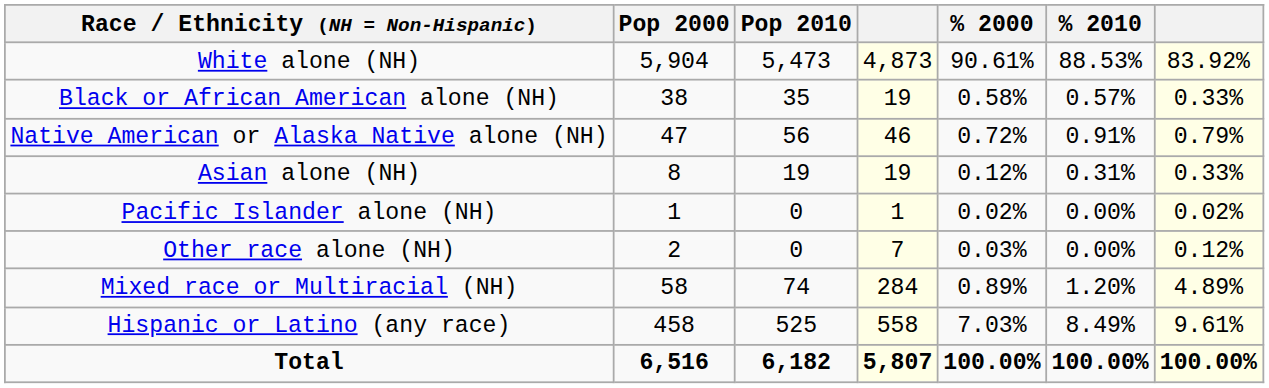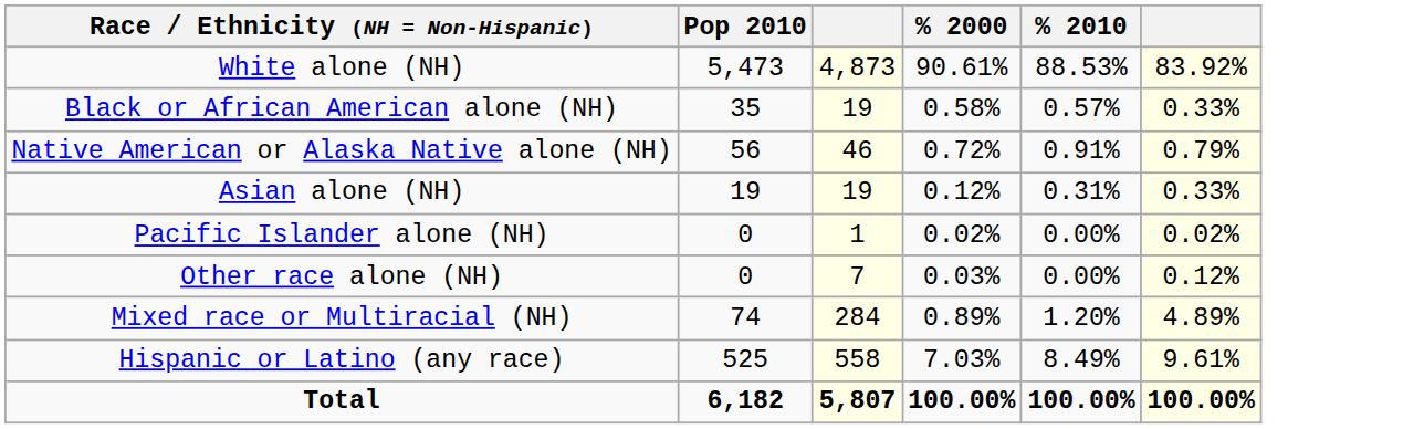 <table class="wikitable" style="text-align:center;">
 <tr>
 <th>Race / Ethnicity <small>(<em>NH = Non-Hispanic</em>)</small></th>
-<th>Pop 2000</th>
 <th>Pop 2010</th>
 <th></th>
 <th>% 2000</th>
 <th>% 2010</th>
 <th></th>
 </tr>
 <tr>
 <td><a href='#'>White</a> alone (NH)</td>
-<td>5,904</td>
 <td>5,473</td>
 <td style='background: #ffffe6;'>4,873</td>
 <td>90.61%</td>
 <td>88.53%</td>
 <td style='background: #ffffe6;'>83.92%</td>
 </tr>
 <tr>
 <td><a href='#'>Black or African American</a> alone (NH)</td>
-<td>38</td>
 <td>35</td>
 <td style='background: #ffffe6;'>19</td>
 <td>0.58%</td>
 <td>0.57%</td>
 <td style='background: #ffffe6;'>0.33%</td>
 </tr>
 <tr>
 <td><a href='#'>Native American</a> or <a href='#'>Alaska Native</a> alone (NH)</td>
-<td>47</td>
 <td>56</td>
 <td style='background: #ffffe6;'>46</td>
 <td>0.72%</td>
 <td>0.91%</td>
 <td style='background: #ffffe6;'>0.79%</td>
 </tr>
 <tr>
 <td><a href='#'>Asian</a> alone (NH)</td>
-<td>8</td>
 <td>19</td>
 <td style='background: #ffffe6;'>19</td>
 <td>0.12%</td>
 <td>0.31%</td>
 <td style='background: #ffffe6;'>0.33%</td>
 </tr>
 <tr>
 <td><a href='#'>Pacific Islander</a> alone (NH)</td>
-<td>1</td>
 <td>0</td>
 <td style='background: #ffffe6;'>1</td>
 <td>0.02%</td>
 <td>0.00%</td>
 <td style='background: #ffffe6;'>0.02%</td>
 </tr>
 <tr>
 <td><a href='#'>Other race</a> alone (NH)</td>
-<td>2</td>
 <td>0</td>
 <td style='background: #ffffe6;'>7</td>
 <td>0.03%</td>
 <td>0.00%</td>
 <td style='background: #ffffe6;'>0.12%</td>
 </tr>
 <tr>
 <td><a href='#'>Mixed race or Multiracial</a> (NH)</td>
-<td>58</td>
 <td>74</td>
 <td style='background: #ffffe6;'>284</td>
 <td>0.89%</td>
 <td>1.20%</td>
 <td style='background: #ffffe6;'>4.89%</td>
 </tr>
 <tr>
 <td><a href='#'>Hispanic or Latino</a> (any race)</td>
-<td>458</td>
 <td>525</td>
 <td style='background: #ffffe6;'>558</td>
 <td>7.03%</td>
 <td>8.49%</td>
 <td style='background: #ffffe6;'>9.61%</td>
 </tr>
 <tr>
 <td><strong>Total</strong></td>
-<td><strong>6,516</strong></td>
 <td><strong>6,182</strong></td>
 <td style='background: #ffffe6;'><strong>5,807</strong></td>
 <td><strong>100.00%</strong></td>
 <td><strong>100.00%</strong></td>
 <td style='background: #ffffe6;'><strong>100.00%</strong></td>
 </tr>
 </table>
